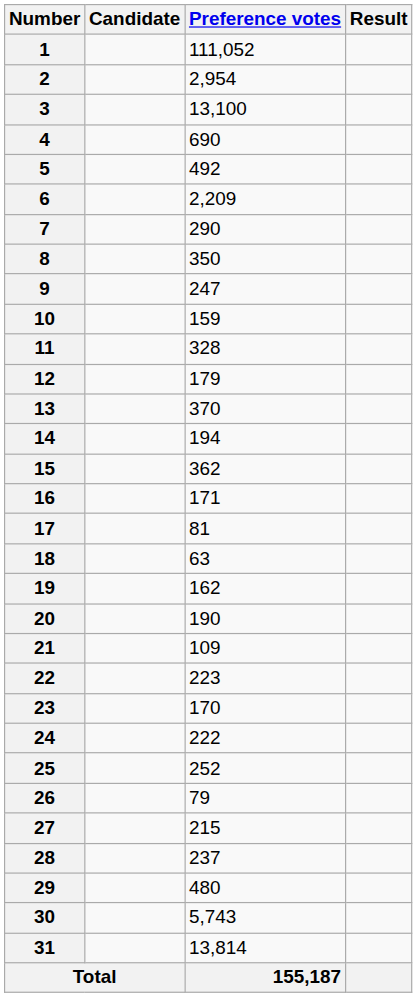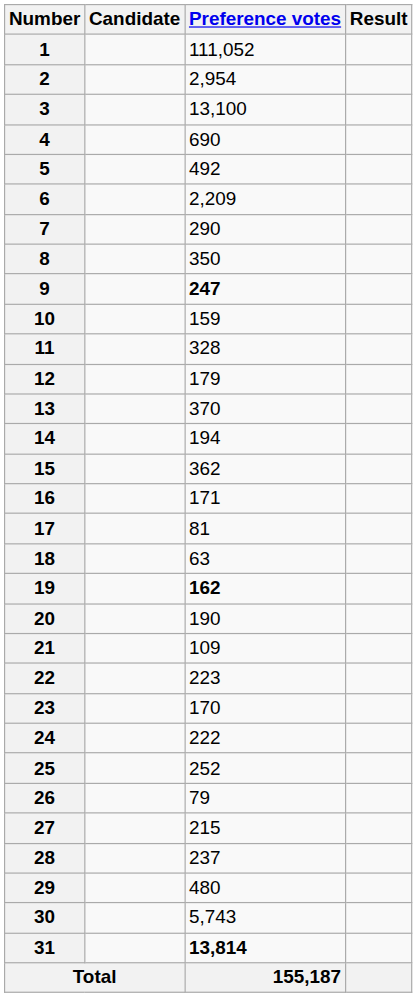 <table class="wikitable sortable" >
 <tr>
 <th scope="col">Number</th>
 <th scope="col">Candidate</th>
 <th scope="col"><a href='#'>Preference votes</a></th>
 <th scope="col">Result</th>
 </tr>
 <tr>
 <th scope="row">1</th>
 <td style="text-align:left"></td>
 <td>111,052</td>
 <td></td>
 </tr>
 <tr>
 <th scope="row">2</th>
 <td style="text-align:left"></td>
 <td>2,954</td>
 <td></td>
 </tr>
 <tr>
 <th scope="row">3</th>
 <td style="text-align:left"></td>
 <td>13,100</td>
 <td></td>
 </tr>
 <tr>
 <th scope="row">4</th>
 <td style="text-align:left"></td>
 <td>690</td>
 <td></td>
 </tr>
 <tr>
 <th scope="row">5</th>
 <td style="text-align:left"></td>
 <td>492</td>
 <td></td>
 </tr>
 <tr>
 <th scope="row">6</th>
 <td style="text-align:left"></td>
 <td>2,209</td>
 <td></td>
 </tr>
 <tr>
 <th scope="row">7</th>
 <td style="text-align:left"></td>
 <td>290</td>
 <td></td>
 </tr>
 <tr>
 <th scope="row">8</th>
 <td style="text-align:left"></td>
 <td>350</td>
 <td></td>
 </tr>
 <tr>
 <th scope="row">9</th>
 <td style="text-align:left"></td>
-<td>247</td>
+<td><strong>247</strong></td>
 <td></td>
 </tr>
 <tr>
 <th scope="row">10</th>
 <td style="text-align:left"></td>
 <td>159</td>
 <td></td>
 </tr>
 <tr>
 <th scope="row">11</th>
 <td style="text-align:left"></td>
 <td>328</td>
 <td></td>
 </tr>
 <tr>
 <th scope="row">12</th>
 <td style="text-align:left"></td>
 <td>179</td>
 <td></td>
 </tr>
 <tr>
 <th scope="row">13</th>
 <td style="text-align:left"></td>
 <td>370</td>
 <td></td>
 </tr>
 <tr>
 <th scope="row">14</th>
 <td style="text-align:left"></td>
 <td>194</td>
 <td></td>
 </tr>
 <tr>
 <th scope="row">15</th>
 <td style="text-align:left"></td>
 <td>362</td>
 <td></td>
 </tr>
 <tr>
 <th scope="row">16</th>
 <td style="text-align:left"></td>
 <td>171</td>
 <td></td>
 </tr>
 <tr>
 <th scope="row">17</th>
 <td style="text-align:left"></td>
 <td>81</td>
 <td></td>
 </tr>
 <tr>
 <th scope="row">18</th>
 <td style="text-align:left"></td>
 <td>63</td>
 <td></td>
 </tr>
 <tr>
 <th scope="row">19</th>
 <td style="text-align:left"></td>
-<td>162</td>
+<td><strong>162</strong></td>
 <td></td>
 </tr>
 <tr>
 <th scope="row">20</th>
 <td style="text-align:left"></td>
 <td>190</td>
 <td></td>
 </tr>
 <tr>
 <th scope="row">21</th>
 <td style="text-align:left"></td>
 <td>109</td>
 <td></td>
 </tr>
 <tr>
 <th scope="row">22</th>
 <td style="text-align:left"></td>
 <td>223</td>
 <td></td>
 </tr>
 <tr>
 <th scope="row">23</th>
 <td style="text-align:left"></td>
 <td>170</td>
 <td></td>
 </tr>
 <tr>
 <th scope="row">24</th>
 <td style="text-align:left"></td>
 <td>222</td>
 <td></td>
 </tr>
 <tr>
 <th scope="row">25</th>
 <td style="text-align:left"></td>
 <td>252</td>
 </tr>
 <tr>
 <th scope="row">26</th>
 <td style="text-align:left"></td>
 <td>79</td>
 <td></td>
 </tr>
 <tr>
 <th scope="row">27</th>
 <td style="text-align:left"></td>
 <td>215</td>
 <td></td>
 </tr>
 <tr>
 <th scope="row">28</th>
 <td style="text-align:left"></td>
 <td>237</td>
 <td></td>
 </tr>
 <tr>
 <th scope="row">29</th>
 <td style="text-align:left"></td>
 <td>480</td>
 <td></td>
 </tr>
 <tr>
 <th scope="row">30</th>
 <td style="text-align:left"></td>
 <td>5,743</td>
 <td></td>
 </tr>
 <tr>
 <th scope="row">31</th>
 <td style="text-align:left"></td>
-<td>13,814</td>
+<td><strong>13,814</strong></td>
 <td></td>
 </tr>
 <tr class="sortbottom">
 <th scope="row"  colspan="2">Total</th>
 <th style="text-align:right">155,187</th>
 <th></th>
 </tr>
 </table>
